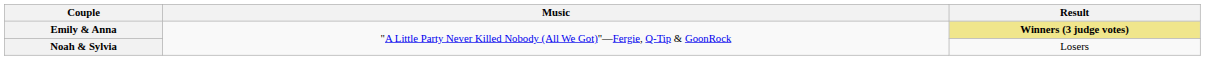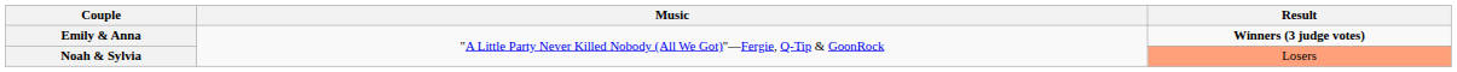 <table class="wikitable sortable" style="text-align:center; width: 90%">
 <tr>
 <th scope="col">Couple</th>
 <th scope="col" class="unsortable">Music</th>
 <th scope="col" class="unsortable">Result</th>
 </tr>
 <tr>
 <th scope="col">Emily & Anna</th>
 <td rowspan=2>"<a href='#'>A Little Party Never Killed Nobody (All We Got)</a>"—<a href='#'>Fergie</a>, <a href='#'>Q-Tip</a> & <a href='#'>GoonRock</a></td>
-<td style="background: khaki;"><strong>Winners (3 judge votes)</strong></td>
+<td><strong>Winners (3 judge votes)</strong></td>
 </tr>
 <tr>
 <th scope="col">Noah & Sylvia</th>
-<td>Losers</td>
+<td style="background: lightsalmon;">Losers</td>
 </tr>
 </table>
